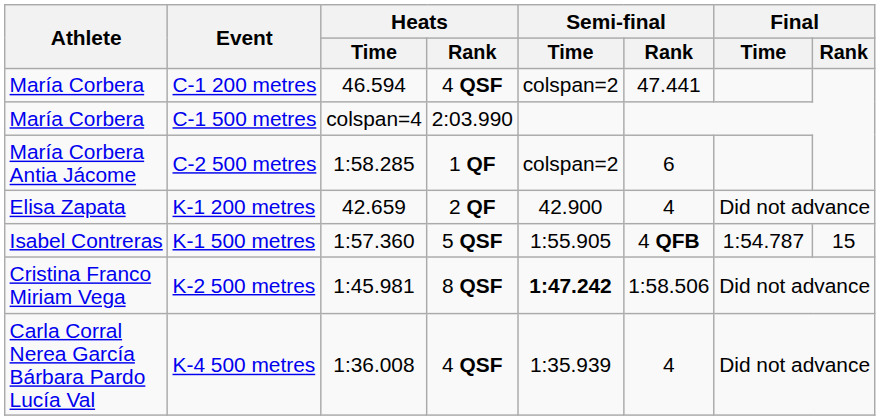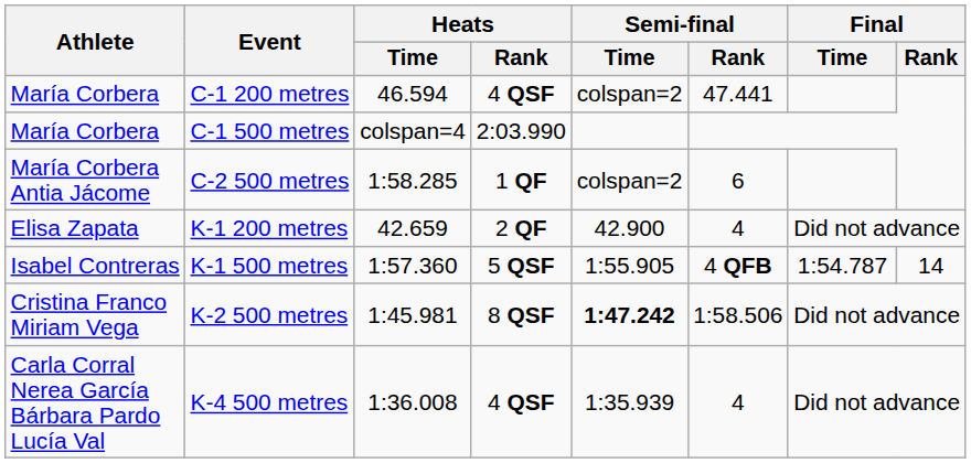 <table class=wikitable style=font-size:90%;text-align:center>
 <tr>
 <th rowspan=2>Athlete</th>
 <th rowspan=2>Event</th>
 <th colspan=2>Heats</th>
 <th colspan=2>Semi-final</th>
 <th colspan=2>Final</th>
 </tr>
 <tr style=font-size:95%>
 <th>Time</th>
 <th>Rank</th>
 <th>Time</th>
 <th>Rank</th>
 <th>Time</th>
 <th>Rank</th>
 </tr>
 <tr>
 <td align=left><a href='#'>María Corbera</a></td>
 <td align=left><a href='#'>C-1 200 metres</a></td>
 <td>46.594</td>
 <td>4 <strong>QSF</strong></td>
 <td>colspan=2 </td>
 <td>47.441</td>
 <td></td>
 </tr>
 <tr>
 <td align=left><a href='#'>María Corbera</a></td>
 <td align=left><a href='#'>C-1 500 metres</a></td>
 <td>colspan=4 </td>
 <td>2:03.990</td>
 <td></td>
 </tr>
 <tr>
 <td align=left><a href='#'>María Corbera</a><br><a href='#'>Antia Jácome</a></td>
 <td align=left><a href='#'>C-2 500 metres</a></td>
 <td>1:58.285</td>
 <td>1 <strong>QF</strong></td>
 <td>colspan=2 </td>
 <td>6</td>
 <td></td>
 </tr>
 <tr>
 <td align=left><a href='#'>Elisa Zapata</a></td>
 <td align=left><a href='#'>K-1 200 metres</a></td>
 <td>42.659</td>
 <td>2 <strong>QF</strong></td>
 <td>42.900</td>
 <td>4</td>
 <td colspan=2>Did not advance</td>
 </tr>
 <tr>
 <td align=left><a href='#'>Isabel Contreras</a></td>
 <td align=left><a href='#'>K-1 500 metres</a></td>
 <td>1:57.360</td>
 <td>5 <strong>QSF</strong></td>
 <td>1:55.905</td>
 <td>4 <strong>QFB</strong></td>
 <td>1:54.787</td>
-<td>15</td>
+<td>14</td>
 </tr>
 <tr>
 <td align=left><a href='#'>Cristina Franco</a><br><a href='#'>Miriam Vega</a></td>
 <td align=left><a href='#'>K-2 500 metres</a></td>
 <td>1:45.981</td>
 <td>8 <strong>QSF</strong></td>
 <td><strong>1:47.242</strong></td>
 <td>1:58.506</td>
 <td colspan=2>Did not advance</td>
 </tr>
 <tr>
 <td align=left><a href='#'>Carla Corral</a><br><a href='#'>Nerea García</a><br><a href='#'>Bárbara Pardo</a><br><a href='#'>Lucía Val</a></td>
 <td align=left><a href='#'>K-4 500 metres</a></td>
 <td>1:36.008</td>
 <td>4 <strong>QSF</strong></td>
 <td>1:35.939</td>
 <td>4</td>
 <td colspan=2>Did not advance</td>
 </tr>
 </table>
